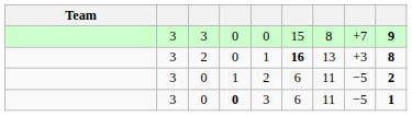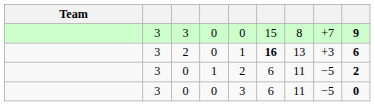 <table class="wikitable" style="text-align:center;">
 <tr>
 <th width=175>Team</th>
 <th width=30></th>
 <th width=30></th>
 <th width=30></th>
 <th width=30></th>
 <th width=30></th>
 <th width=30></th>
 <th width=30></th>
 <th width=30></th>
 </tr>
 <tr style="text-align:center; background:#cfc;">
 <td align=left></td>
 <td>3</td>
 <td>3</td>
 <td>0</td>
 <td>0</td>
 <td>15</td>
 <td>8</td>
 <td>+7</td>
 <td><strong>9</strong></td>
 </tr>
 <tr>
 <td align=left></td>
 <td>3</td>
 <td>2</td>
 <td>0</td>
 <td>1</td>
 <td><strong>16</strong></td>
 <td>13</td>
 <td>+3</td>
-<td><strong>8</strong></td>
+<td><strong>6</strong></td>
 </tr>
 <tr>
 <td align=left></td>
 <td>3</td>
 <td>0</td>
 <td>1</td>
 <td>2</td>
 <td>6</td>
 <td>11</td>
 <td>−5</td>
 <td><strong>2</strong></td>
 </tr>
 <tr>
 <td align=left></td>
 <td>3</td>
 <td>0</td>
-<td><strong>0</strong></td>
+<td>0</td>
 <td>3</td>
 <td>6</td>
 <td>11</td>
 <td>−5</td>
-<td><strong>1</strong></td>
+<td><strong>0</strong></td>
 </tr>
 </table>
